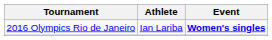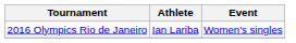 <table class="wikitable" style="font-size:90%;">
 <tr>
 <th>Tournament</th>
 <th>Athlete</th>
 <th>Event</th>
 </tr>
 <tr>
 <td><a href='#'>2016 Olympics Rio de Janeiro</a></td>
 <td><a href='#'>Ian Lariba</a></td>
-<td><strong><a href='#'>Women's singles</a></strong></td>
+<td><a href='#'>Women's singles</a></td>
 </tr>
 <tr>
 </tr>
 </table>
